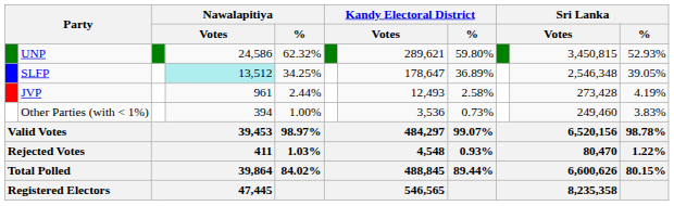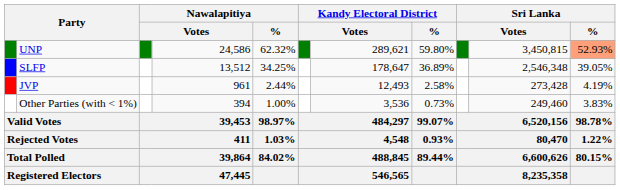 <table class="wikitable">
 <tr>
 <th colspan="2" width="144px"rowspan="2">Party</th>
 <th colspan="3" width="216px">Nawalapitiya</th>
 <th colspan="3" width="216px"><a href='#'>Kandy Electoral District</a></th>
 <th colspan="3" width="216px">Sri Lanka</th>
 </tr>
 <tr>
 <th colspan="2" width="144px">Votes</th>
 <th>%</th>
 <th colspan="2" width="144px">Votes</th>
 <th>%</th>
 <th colspan="2" width="144px">Votes</th>
 <th>%</th>
 </tr>
 <tr>
 <td style="background-color:green;" width="10px"></td>
 <td style="text-align:left;"><a href='#'>UNP</a></td>
 <td style="background-color:green;" width="10px"></td>
 <td style="text-align:right;">24,586</td>
 <td style="text-align:right;">62.32%</td>
 <td style="background-color:green;" width="10px"></td>
 <td style="text-align:right;">289,621</td>
 <td style="text-align:right;">59.80%</td>
 <td style="background-color:green;" width="10px"></td>
 <td style="text-align:right;">3,450,815</td>
-<td style="text-align:right;">52.93%</td>
+<td style="background: lightsalmon; text-align:right;">52.93%</td>
 </tr>
 <tr>
 <td style="background-color:blue;" width="10px"></td>
 <td style="text-align:left;"><a href='#'>SLFP</a></td>
 <td style="background-color:white;" width="10px"></td>
-<td style="background: paleturquoise; text-align:right;">13,512</td>
+<td style="text-align:right;">13,512</td>
 <td style="text-align:right;">34.25%</td>
 <td style="background-color:white;" width="10px"></td>
 <td style="text-align:right;">178,647</td>
 <td style="text-align:right;">36.89%</td>
 <td style="background-color:white;" width="10px"></td>
 <td style="text-align:right;">2,546,348</td>
 <td style="text-align:right;">39.05%</td>
 </tr>
 <tr>
 <td style="background-color:red;" width="10px"></td>
 <td style="text-align:left;"><a href='#'>JVP</a></td>
 <td style="background-color:white;" width="10px"></td>
 <td style="text-align:right;">961</td>
 <td style="text-align:right;">2.44%</td>
 <td style="background-color:white;" width="10px"></td>
 <td style="text-align:right;">12,493</td>
 <td style="text-align:right;">2.58%</td>
 <td style="background-color:white;" width="10px"></td>
 <td style="text-align:right;">273,428</td>
 <td style="text-align:right;">4.19%</td>
 </tr>
 <tr>
 <td style="background-color:white;" width="10px"></td>
 <td style="text-align:left;">Other Parties (with < 1%)</td>
 <td style="background-color:white;" width="10px"></td>
 <td style="text-align:right;">394</td>
 <td style="text-align:right;">1.00%</td>
 <td style="background-color:white;" width="10px"></td>
 <td style="text-align:right;">3,536</td>
 <td style="text-align:right;">0.73%</td>
 <td style="background-color:white;" width="10px"></td>
 <td style="text-align:right;">249,460</td>
 <td style="text-align:right;">3.83%</td>
 </tr>
 <tr>
 <th colspan="2" width="144px"style="text-align:left;">Valid Votes</th>
 <th style="text-align:right;"colspan="2" width="144px">39,453</th>
 <th style="text-align:right;">98.97%</th>
 <th style="text-align:right;"colspan="2" width="144px">484,297</th>
 <th style="text-align:right;">99.07%</th>
 <th style="text-align:right;"colspan="2" width="144px">6,520,156</th>
 <th style="text-align:right;">98.78%</th>
 </tr>
 <tr>
 <th colspan="2" width="144px"style="text-align:left;">Rejected Votes</th>
 <th style="text-align:right;"colspan="2" width="144px">411</th>
 <th style="text-align:right;">1.03%</th>
 <th style="text-align:right;"colspan="2" width="144px">4,548</th>
 <th style="text-align:right;">0.93%</th>
 <th style="text-align:right;"colspan="2" width="144px">80,470</th>
 <th style="text-align:right;">1.22%</th>
 </tr>
 <tr>
 <th colspan="2" width="144px"style="text-align:left;">Total Polled</th>
 <th style="text-align:right;"colspan="2" width="144px">39,864</th>
 <th style="text-align:right;">84.02%</th>
 <th style="text-align:right;"colspan="2" width="144px">488,845</th>
 <th style="text-align:right;">89.44%</th>
 <th style="text-align:right;"colspan="2" width="144px">6,600,626</th>
 <th style="text-align:right;">80.15%</th>
 </tr>
 <tr>
 <th colspan="2" width="144px"style="text-align:left;">Registered Electors</th>
 <th style="text-align:right;"colspan="2" width="144px">47,445</th>
 <th></th>
 <th style="text-align:right;"colspan="2" width="144px">546,565</th>
 <th></th>
 <th style="text-align:right;"colspan="2" width="144px">8,235,358</th>
 <th></th>
 </tr>
 </table>
